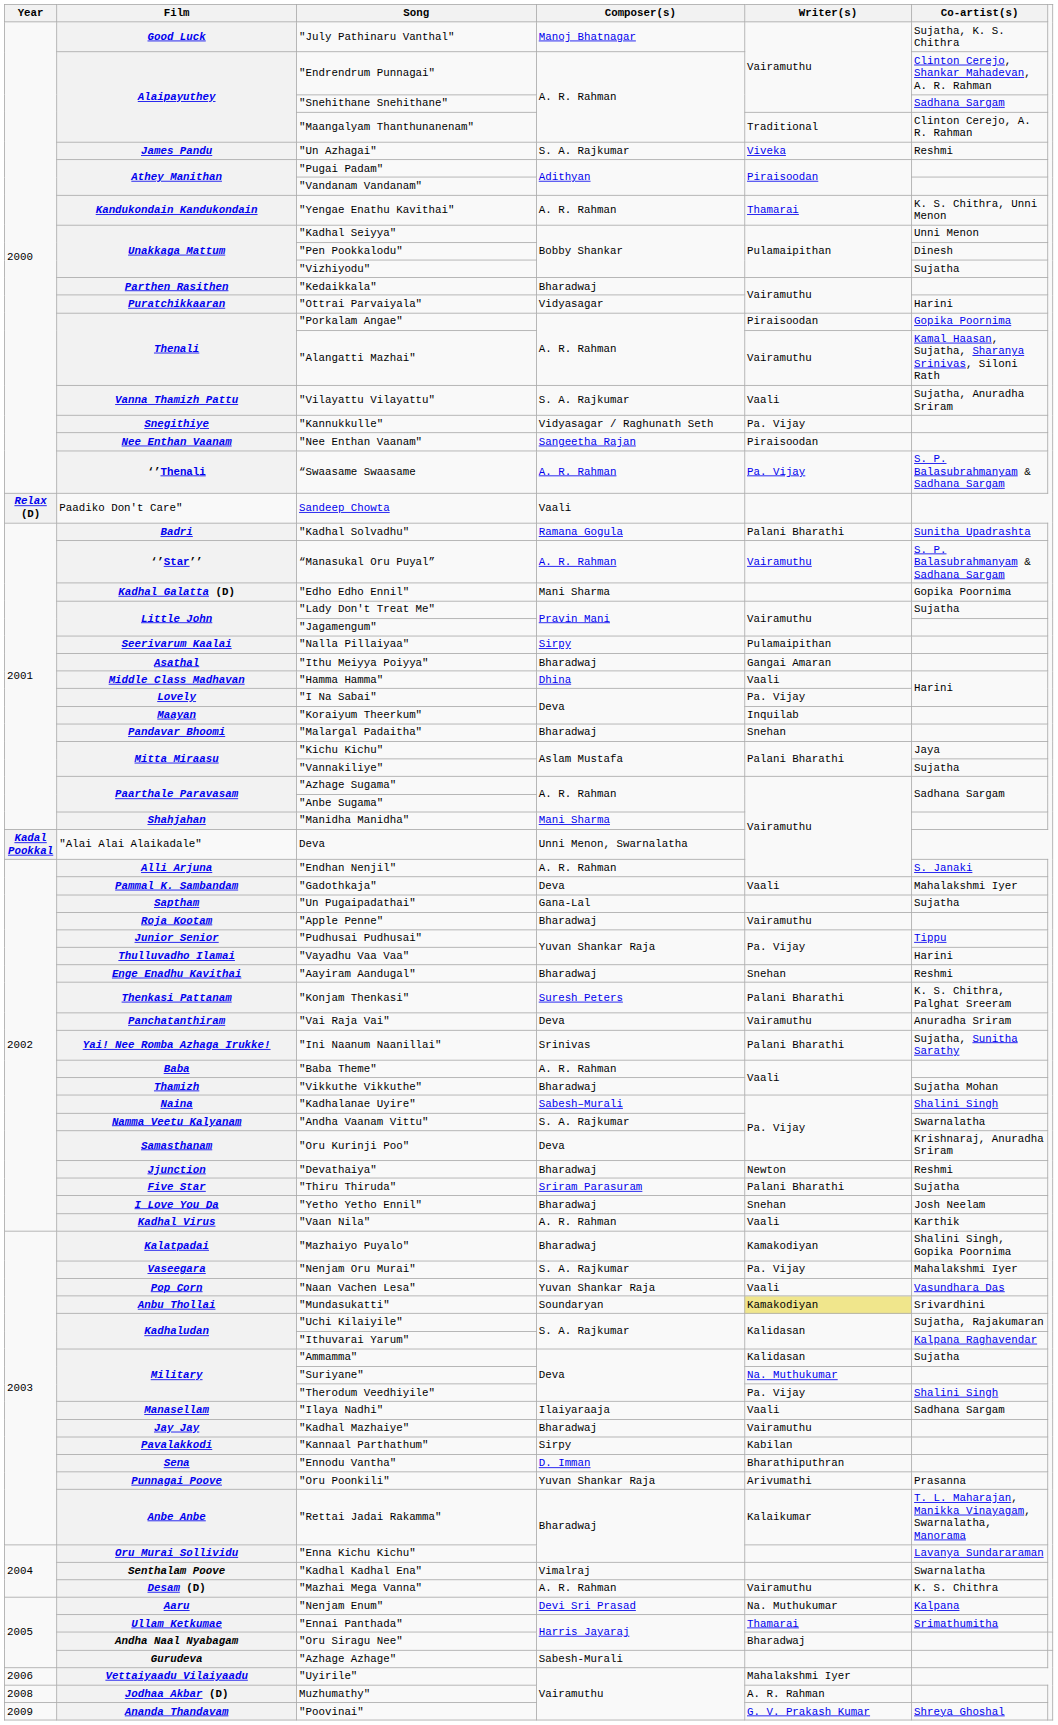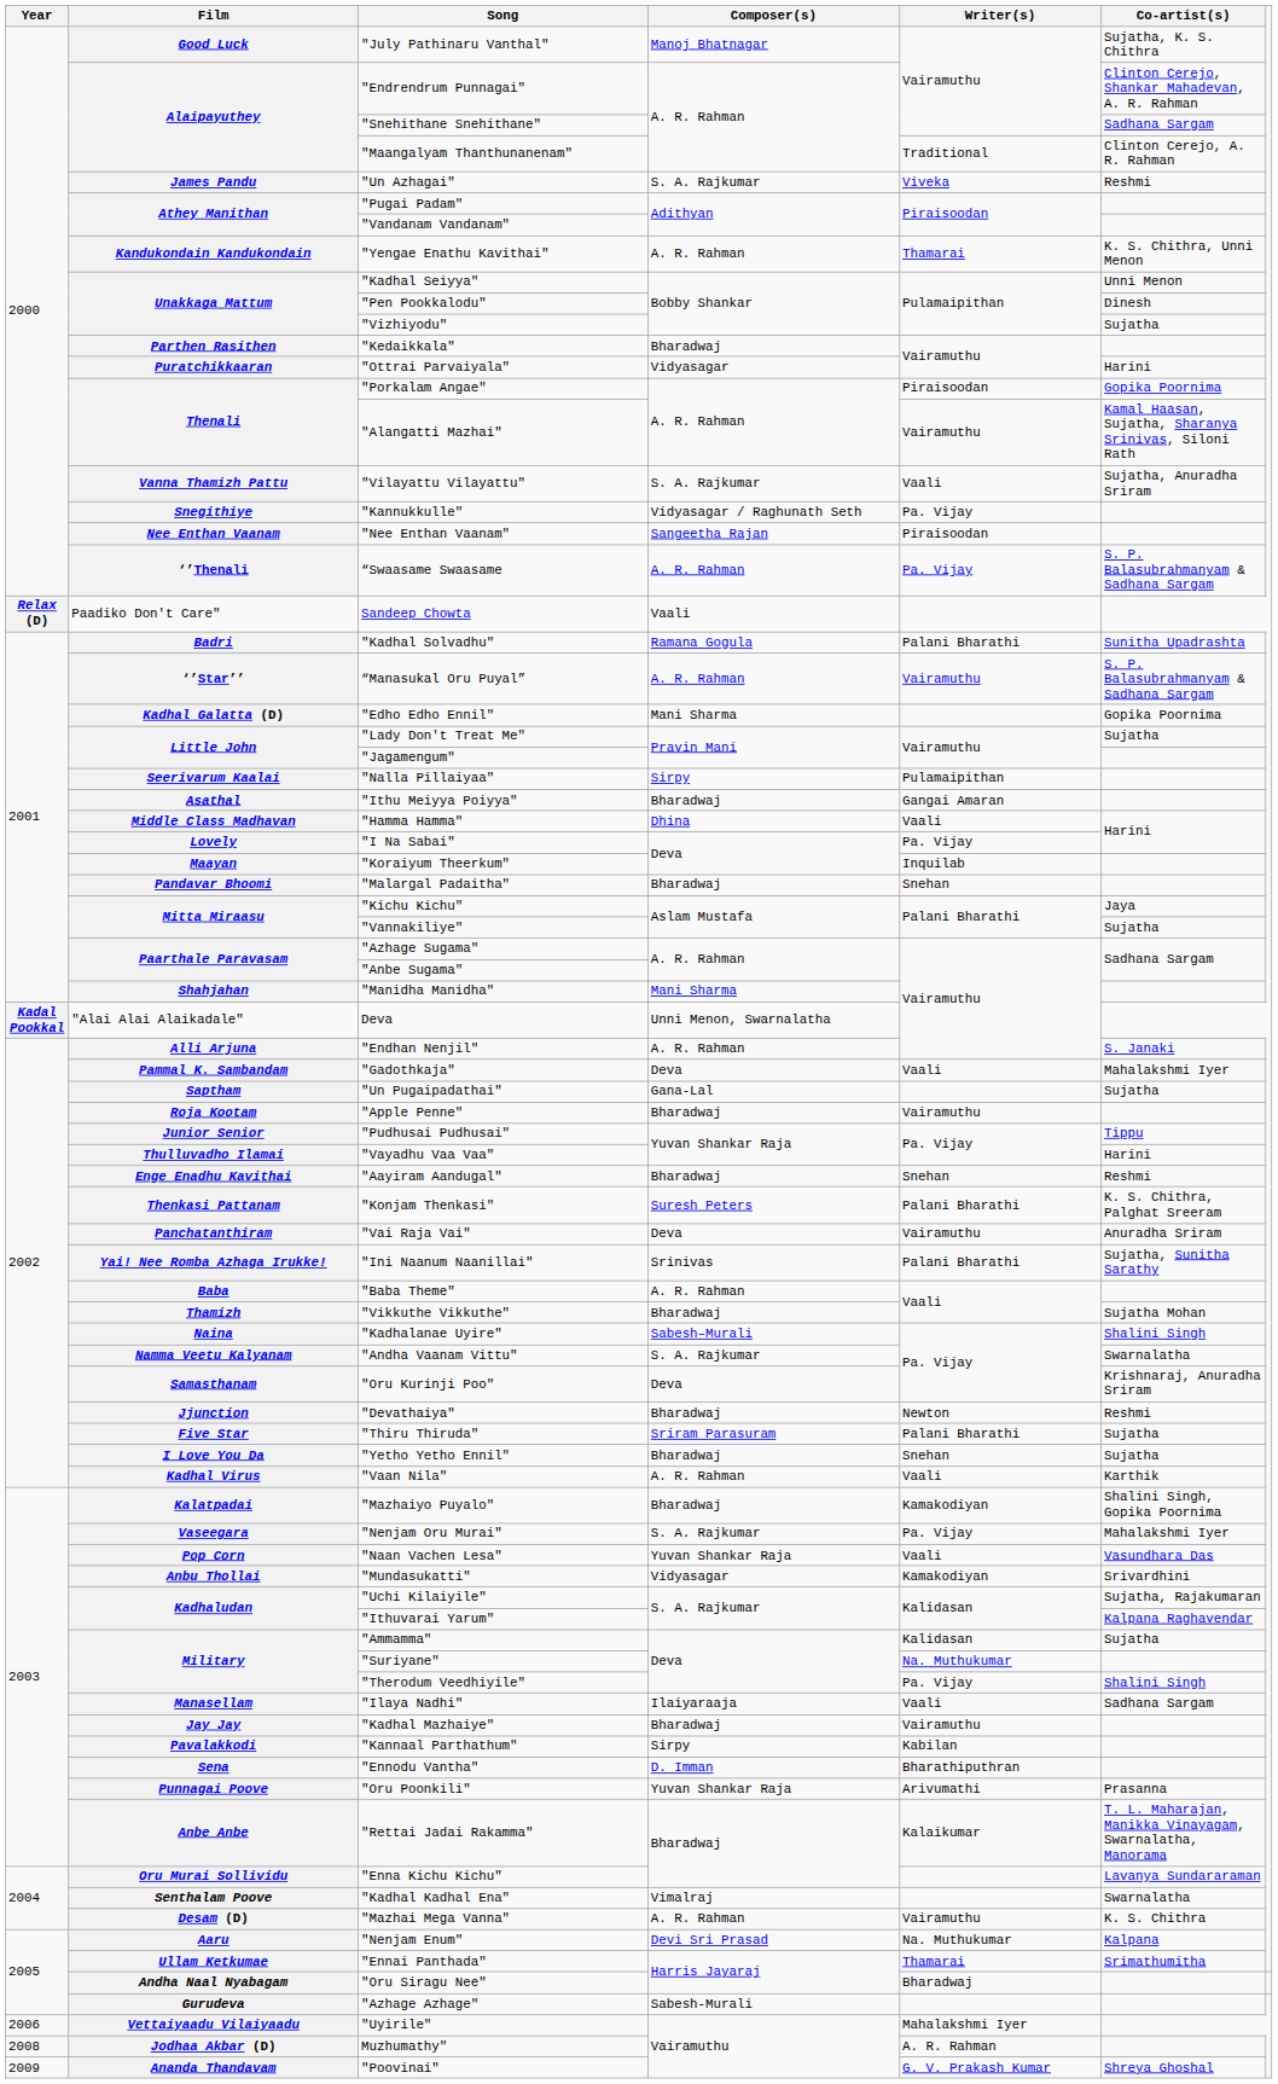 <table class="wikitable plainrowheaders" width="100%" textcolor:#000;">
 <tr style="background:#b0e0e66;">
 <th scope="col" width=5%><strong>Year</strong></th>
 <th scope="col" width=23%><strong>Film</strong></th>
 <th scope="col" width=23%><strong>Song</strong></th>
 <th scope="col" width=20%><strong>Composer(s)</strong></th>
 <th scope="col" width=16%><strong>Writer(s)</strong></th>
 <th scope="col" width=18%><strong>Co-artist(s)</strong></th>
 </tr>
 <tr>
 <td rowspan="19">2000</td>
 <th><em><a href='#'>Good Luck</a></em></th>
 <td>"July Pathinaru Vanthal"</td>
 <td><a href='#'>Manoj Bhatnagar</a></td>
 <td rowspan="3">Vairamuthu</td>
 <td>Sujatha, K. S. Chithra</td>
 </tr>
 <tr>
 <th rowspan="3"><em><a href='#'>Alaipayuthey</a></em></th>
 <td>"Endrendrum Punnagai"</td>
 <td rowspan="3">A. R. Rahman</td>
 <td><a href='#'>Clinton Cerejo</a>, <a href='#'>Shankar Mahadevan</a>, A. R. Rahman</td>
 </tr>
 <tr>
 <td>"Snehithane Snehithane"</td>
 <td><a href='#'>Sadhana Sargam</a></td>
 </tr>
 <tr>
 <td>"Maangalyam Thanthunanenam"</td>
 <td>Traditional</td>
 <td>Clinton Cerejo, A. R. Rahman</td>
 </tr>
 <tr>
 <th><em><a href='#'>James Pandu</a></em></th>
 <td>"Un Azhagai"</td>
 <td>S. A. Rajkumar</td>
 <td><a href='#'>Viveka</a></td>
 <td>Reshmi</td>
 </tr>
 <tr>
 <th rowspan="2"><em><a href='#'>Athey Manithan</a></em></th>
 <td>"Pugai Padam"</td>
 <td rowspan="2"><a href='#'>Adithyan</a></td>
 <td rowspan="2"><a href='#'>Piraisoodan</a></td>
 <td></td>
 </tr>
 <tr>
 <td>"Vandanam Vandanam"</td>
 <td></td>
 </tr>
 <tr>
 <th><em><a href='#'>Kandukondain Kandukondain</a></em></th>
 <td>"Yengae Enathu Kavithai"</td>
 <td>A. R. Rahman</td>
 <td><a href='#'>Thamarai</a></td>
 <td>K. S. Chithra, Unni Menon</td>
 </tr>
 <tr>
 <th rowspan="3"><em><a href='#'>Unakkaga Mattum</a></em></th>
 <td>"Kadhal Seiyya"</td>
 <td rowspan="3">Bobby Shankar</td>
 <td rowspan="3">Pulamaipithan</td>
 <td>Unni Menon</td>
 </tr>
 <tr>
 <td>"Pen Pookkalodu"</td>
 <td>Dinesh</td>
 </tr>
 <tr>
 <td>"Vizhiyodu"</td>
 <td>Sujatha</td>
 </tr>
 <tr>
 <th><em><a href='#'>Parthen Rasithen</a></em></th>
 <td>"Kedaikkala"</td>
 <td>Bharadwaj</td>
 <td rowspan="2">Vairamuthu</td>
 <td></td>
 </tr>
 <tr>
 <th><em><a href='#'>Puratchikkaaran</a></em></th>
 <td>"Ottrai Parvaiyala"</td>
 <td>Vidyasagar</td>
 <td>Harini</td>
 </tr>
 <tr>
 <th rowspan="2"><em><a href='#'>Thenali</a></em></th>
 <td>"Porkalam Angae"</td>
 <td rowspan="2">A. R. Rahman</td>
 <td>Piraisoodan</td>
 <td><a href='#'>Gopika Poornima</a></td>
 </tr>
 <tr>
 <td>"Alangatti Mazhai"</td>
 <td>Vairamuthu</td>
 <td><a href='#'>Kamal Haasan</a>, Sujatha, <a href='#'>Sharanya Srinivas</a>, Siloni Rath</td>
 </tr>
 <tr>
 <th><em><a href='#'>Vanna Thamizh Pattu</a></em></th>
 <td>"Vilayattu Vilayattu"</td>
 <td>S. A. Rajkumar</td>
 <td>Vaali</td>
 <td>Sujatha, Anuradha Sriram</td>
 </tr>
 <tr>
 <th><em><a href='#'>Snegithiye</a></em></th>
 <td>"Kannukkulle"</td>
 <td>Vidyasagar / Raghunath Seth</td>
 <td>Pa. Vijay</td>
 <td></td>
 </tr>
 <tr>
 <th><em><a href='#'>Nee Enthan Vaanam</a></em></th>
 <td>"Nee Enthan Vaanam"</td>
 <td><a href='#'>Sangeetha Rajan</a></td>
 <td>Piraisoodan</td>
 <td></td>
 </tr>
 <tr>
 <th>‘’<a href='#'>Thenali</a></th>
 <td>“Swaasame Swaasame</td>
 <td><a href='#'>A. R. Rahman</a></td>
 <td><a href='#'>Pa. Vijay</a></td>
 <td><a href='#'>S. P. Balasubrahmanyam</a> & <a href='#'>Sadhana Sargam</a></td>
 </tr>
 <tr>
 <th><em><a href='#'>Relax</a></em> (D)</th>
 <td>Paadiko Don't Care"</td>
 <td><a href='#'>Sandeep Chowta</a></td>
 <td>Vaali</td>
 <td></td>
 </tr>
 <tr>
 <td rowspan="16">2001</td>
 <th><em><a href='#'>Badri</a></em></th>
 <td>"Kadhal Solvadhu"</td>
 <td><a href='#'>Ramana Gogula</a></td>
 <td>Palani Bharathi</td>
 <td><a href='#'>Sunitha Upadrashta</a></td>
 </tr>
 <tr>
 <th>‘’<a href='#'>Star</a>’’</th>
 <td>“Manasukal Oru Puyal”</td>
 <td><a href='#'>A. R. Rahman</a></td>
 <td><a href='#'>Vairamuthu</a></td>
 <td><a href='#'>S. P. Balasubrahmanyam</a> & <a href='#'>Sadhana Sargam</a></td>
 </tr>
 <tr>
 <th><em><a href='#'>Kadhal Galatta</a></em> (D)</th>
 <td>"Edho Edho Ennil"</td>
 <td>Mani Sharma</td>
 <td></td>
 <td>Gopika Poornima</td>
 </tr>
 <tr>
 <th rowspan="2"><em><a href='#'>Little John</a></em></th>
 <td>"Lady Don't Treat Me"</td>
 <td rowspan="2"><a href='#'>Pravin Mani</a></td>
 <td rowspan="2">Vairamuthu</td>
 <td>Sujatha</td>
 </tr>
 <tr>
 <td>"Jagamengum"</td>
 <td></td>
 </tr>
 <tr>
 <th><em><a href='#'>Seerivarum Kaalai</a></em></th>
 <td>"Nalla Pillaiyaa"</td>
 <td><a href='#'>Sirpy</a></td>
 <td>Pulamaipithan</td>
 <td></td>
 </tr>
 <tr>
 <th><em><a href='#'>Asathal</a></em></th>
 <td>"Ithu Meiyya Poiyya"</td>
 <td>Bharadwaj</td>
 <td>Gangai Amaran</td>
 <td></td>
 </tr>
 <tr>
 <th><em><a href='#'>Middle Class Madhavan</a></em></th>
 <td>"Hamma Hamma"</td>
 <td><a href='#'>Dhina</a></td>
 <td>Vaali</td>
 <td rowspan="2">Harini</td>
 </tr>
 <tr>
 <th><em><a href='#'>Lovely</a></em></th>
 <td>"I Na Sabai"</td>
 <td rowspan="2">Deva</td>
 <td>Pa. Vijay</td>
 </tr>
 <tr>
 <th><em><a href='#'>Maayan</a></em></th>
 <td>"Koraiyum Theerkum"</td>
 <td>Inquilab</td>
 <td></td>
 </tr>
 <tr>
 <th><em><a href='#'>Pandavar Bhoomi</a></em></th>
 <td>"Malargal Padaitha"</td>
 <td>Bharadwaj</td>
 <td>Snehan</td>
 <td></td>
 </tr>
 <tr>
 <th rowspan="2"><em><a href='#'>Mitta Miraasu</a></em></th>
 <td>"Kichu Kichu"</td>
 <td rowspan="2">Aslam Mustafa</td>
 <td rowspan="2">Palani Bharathi</td>
 <td>Jaya</td>
 </tr>
 <tr>
 <td>"Vannakiliye"</td>
 <td>Sujatha</td>
 </tr>
 <tr>
 <th rowspan="2"><em><a href='#'>Paarthale Paravasam</a></em></th>
 <td>"Azhage Sugama"</td>
 <td rowspan="2">A. R. Rahman</td>
 <td rowspan="5">Vairamuthu</td>
 <td rowspan="2">Sadhana Sargam</td>
 </tr>
 <tr>
 <td>"Anbe Sugama"</td>
 </tr>
 <tr>
 <th><em><a href='#'>Shahjahan</a></em></th>
 <td>"Manidha Manidha"</td>
 <td><a href='#'>Mani Sharma</a></td>
 <td></td>
 </tr>
 <tr>
 <th><em><a href='#'>Kadal Pookkal</a></em></th>
 <td>"Alai Alai Alaikadale"</td>
 <td>Deva</td>
 <td>Unni Menon, Swarnalatha</td>
 </tr>
 <tr>
 <td rowspan="19">2002</td>
 <th><em><a href='#'>Alli Arjuna</a></em></th>
 <td>"Endhan Nenjil"</td>
 <td>A. R. Rahman</td>
 <td><a href='#'>S. Janaki</a></td>
 </tr>
 <tr>
 <th><em><a href='#'>Pammal K. Sambandam</a></em></th>
 <td>"Gadothkaja"</td>
 <td>Deva</td>
 <td>Vaali</td>
 <td>Mahalakshmi Iyer</td>
 </tr>
 <tr>
 <th><em><a href='#'>Saptham</a></em></th>
 <td>"Un Pugaipadathai"</td>
 <td>Gana-Lal</td>
 <td></td>
 <td>Sujatha</td>
 </tr>
 <tr>
 <th><em><a href='#'>Roja Kootam</a></em></th>
 <td>"Apple Penne"</td>
 <td>Bharadwaj</td>
 <td>Vairamuthu</td>
 <td></td>
 </tr>
 <tr>
 <th><em><a href='#'>Junior Senior</a></em></th>
 <td>"Pudhusai Pudhusai"</td>
 <td rowspan="2">Yuvan Shankar Raja</td>
 <td rowspan="2">Pa. Vijay</td>
 <td><a href='#'>Tippu</a></td>
 </tr>
 <tr>
 <th><em><a href='#'>Thulluvadho Ilamai</a></em></th>
 <td>"Vayadhu Vaa Vaa"</td>
 <td>Harini</td>
 </tr>
 <tr>
 <th><em><a href='#'>Enge Enadhu Kavithai</a></em></th>
 <td>"Aayiram Aandugal"</td>
 <td>Bharadwaj</td>
 <td>Snehan</td>
 <td>Reshmi</td>
 </tr>
 <tr>
 <th><em><a href='#'>Thenkasi Pattanam</a></em></th>
 <td>"Konjam Thenkasi"</td>
 <td><a href='#'>Suresh Peters</a></td>
 <td>Palani Bharathi</td>
 <td>K. S. Chithra, Palghat Sreeram</td>
 </tr>
 <tr>
 <th><em><a href='#'>Panchatanthiram</a></em></th>
 <td>"Vai Raja Vai"</td>
 <td>Deva</td>
 <td>Vairamuthu</td>
 <td>Anuradha Sriram</td>
 </tr>
 <tr>
 <th><em><a href='#'>Yai! Nee Romba Azhaga Irukke!</a></em></th>
 <td>"Ini Naanum Naanillai"</td>
 <td>Srinivas</td>
 <td>Palani Bharathi</td>
 <td>Sujatha, <a href='#'>Sunitha Sarathy</a></td>
 </tr>
 <tr>
 <th><em><a href='#'>Baba</a></em></th>
 <td>"Baba Theme"</td>
 <td>A. R. Rahman</td>
 <td rowspan="2">Vaali</td>
 <td></td>
 </tr>
 <tr>
 <th><em><a href='#'>Thamizh</a></em></th>
 <td>"Vikkuthe Vikkuthe"</td>
 <td>Bharadwaj</td>
 <td>Sujatha Mohan</td>
 </tr>
 <tr>
 <th><em><a href='#'>Naina</a></em></th>
 <td>"Kadhalanae Uyire"</td>
 <td><a href='#'>Sabesh–Murali</a></td>
 <td rowspan="3">Pa. Vijay</td>
 <td><a href='#'>Shalini Singh</a></td>
 </tr>
 <tr>
 <th><em><a href='#'>Namma Veetu Kalyanam</a></em></th>
 <td>"Andha Vaanam Vittu"</td>
 <td>S. A. Rajkumar</td>
 <td>Swarnalatha</td>
 </tr>
 <tr>
 <th><em><a href='#'>Samasthanam</a></em></th>
 <td>"Oru Kurinji Poo"</td>
 <td>Deva</td>
 <td>Krishnaraj, Anuradha Sriram</td>
 </tr>
 <tr>
 <th><em><a href='#'>Jjunction</a></em></th>
 <td>"Devathaiya"</td>
 <td>Bharadwaj</td>
 <td>Newton</td>
 <td>Reshmi</td>
 </tr>
 <tr>
 <th><em><a href='#'>Five Star</a></em></th>
 <td>"Thiru Thiruda"</td>
 <td><a href='#'>Sriram Parasuram</a></td>
 <td>Palani Bharathi</td>
 <td>Sujatha</td>
 </tr>
 <tr>
 <th><em><a href='#'>I Love You Da</a></em></th>
 <td>"Yetho Yetho Ennil"</td>
 <td>Bharadwaj</td>
 <td>Snehan</td>
-<td>Josh Neelam</td>
+<td>Sujatha</td>
 </tr>
 <tr>
 <th><em><a href='#'>Kadhal Virus</a></em></th>
 <td>"Vaan Nila"</td>
 <td>A. R. Rahman</td>
 <td>Vaali</td>
 <td>Karthik</td>
 </tr>
 <tr>
 <td rowspan="15">2003</td>
 <th><em><a href='#'>Kalatpadai</a></em></th>
 <td>"Mazhaiyo Puyalo"</td>
 <td>Bharadwaj</td>
 <td>Kamakodiyan</td>
 <td>Shalini Singh, Gopika Poornima</td>
 </tr>
 <tr>
 <th><em><a href='#'>Vaseegara</a></em></th>
 <td>"Nenjam Oru Murai"</td>
 <td>S. A. Rajkumar</td>
 <td>Pa. Vijay</td>
 <td>Mahalakshmi Iyer</td>
 </tr>
 <tr>
 <th><em><a href='#'>Pop Corn</a></em></th>
 <td>"Naan Vachen Lesa"</td>
 <td>Yuvan Shankar Raja</td>
 <td>Vaali</td>
 <td><a href='#'>Vasundhara Das</a></td>
 </tr>
 <tr>
 <th><em><a href='#'>Anbu Thollai</a></em></th>
 <td>"Mundasukatti"</td>
-<td>Soundaryan</td>
-<td style="background: khaki;">Kamakodiyan</td>
+<td>Vidyasagar</td>
+<td>Kamakodiyan</td>
 <td>Srivardhini</td>
 </tr>
 <tr>
 <th rowspan="2"><em><a href='#'>Kadhaludan</a></em></th>
 <td>"Uchi Kilaiyile"</td>
 <td rowspan="2">S. A. Rajkumar</td>
 <td rowspan="2">Kalidasan</td>
 <td>Sujatha, Rajakumaran</td>
 </tr>
 <tr>
 <td>"Ithuvarai Yarum"</td>
 <td><a href='#'>Kalpana Raghavendar</a></td>
 </tr>
 <tr>
 <th rowspan="3"><em><a href='#'>Military</a></em></th>
 <td>"Ammamma"</td>
 <td rowspan="3">Deva</td>
 <td>Kalidasan</td>
 <td>Sujatha</td>
 </tr>
 <tr>
 <td>"Suriyane"</td>
 <td><a href='#'>Na. Muthukumar</a></td>
 <td></td>
 </tr>
 <tr>
 <td>"Therodum Veedhiyile"</td>
 <td>Pa. Vijay</td>
 <td><a href='#'>Shalini Singh</a></td>
 </tr>
 <tr>
 <th><em><a href='#'>Manasellam</a></em></th>
 <td>"Ilaya Nadhi"</td>
 <td>Ilaiyaraaja</td>
 <td>Vaali</td>
 <td>Sadhana Sargam</td>
 </tr>
 <tr>
 <th><em><a href='#'>Jay Jay</a></em></th>
 <td>"Kadhal Mazhaiye"</td>
 <td>Bharadwaj</td>
 <td>Vairamuthu</td>
 <td></td>
 </tr>
 <tr>
 <th><em><a href='#'>Pavalakkodi</a></em></th>
 <td>"Kannaal Parthathum"</td>
 <td>Sirpy</td>
 <td>Kabilan</td>
 <td></td>
 </tr>
 <tr>
 <th><em><a href='#'>Sena</a></em></th>
 <td>"Ennodu Vantha"</td>
 <td><a href='#'>D. Imman</a></td>
 <td>Bharathiputhran</td>
 <td></td>
 </tr>
 <tr>
 <th><em><a href='#'>Punnagai Poove</a></em></th>
 <td>"Oru Poonkili"</td>
 <td>Yuvan Shankar Raja</td>
 <td>Arivumathi</td>
 <td>Prasanna</td>
 </tr>
 <tr>
 <th><em><a href='#'>Anbe Anbe</a></em></th>
 <td>"Rettai Jadai Rakamma"</td>
 <td rowspan="2">Bharadwaj</td>
 <td>Kalaikumar</td>
 <td><a href='#'>T. L. Maharajan</a>, <a href='#'>Manikka Vinayagam</a>, Swarnalatha, <a href='#'>Manorama</a></td>
 </tr>
 <tr>
 <td rowspan="3">2004</td>
 <th><em><a href='#'>Oru Murai Sollividu</a></em></th>
 <td>"Enna Kichu Kichu"</td>
 <td></td>
 <td><a href='#'>Lavanya Sundararaman</a></td>
 </tr>
 <tr>
 <th><em>Senthalam Poove</em></th>
 <td>"Kadhal Kadhal Ena"</td>
 <td>Vimalraj</td>
 <td></td>
 <td>Swarnalatha</td>
 </tr>
 <tr>
 <th><em><a href='#'>Desam</a></em> (D)</th>
 <td>"Mazhai Mega Vanna"</td>
 <td>A. R. Rahman</td>
 <td>Vairamuthu</td>
 <td>K. S. Chithra</td>
 </tr>
 <tr>
 <td rowspan="4">2005</td>
 <th><a href='#'><em>Aaru</em></a></th>
 <td>"Nenjam Enum"</td>
 <td><a href='#'>Devi Sri Prasad</a></td>
 <td>Na. Muthukumar</td>
 <td><a href='#'>Kalpana</a></td>
 </tr>
 <tr>
 <th><strong><em><a href='#'>Ullam Ketkumae</a></em></strong></th>
 <td>"Ennai Panthada"</td>
 <td rowspan="2"><a href='#'>Harris Jayaraj</a></td>
 <td><a href='#'>Thamarai</a></td>
 <td><a href='#'>Srimathumitha</a></td>
 </tr>
 <tr>
 <th><em>Andha Naal Nyabagam</em></th>
 <td>"Oru Siragu Nee"</td>
 <td>Bharadwaj</td>
 <td></td>
 <td></td>
 </tr>
 <tr>
 <th><em>Gurudeva</em></th>
 <td>"Azhage Azhage"</td>
 <td>Sabesh-Murali</td>
 <td></td>
 <td></td>
 </tr>
 <tr>
 <td>2006</td>
 <th><strong><em><a href='#'>Vettaiyaadu Vilaiyaadu</a></em></strong></th>
 <td>"Uyirile"</td>
 <td rowspan="3">Vairamuthu</td>
 <td>Mahalakshmi Iyer</td>
 </tr>
 <tr>
 <td>2008</td>
 <th><em><a href='#'>Jodhaa Akbar</a></em> (D)</th>
 <td>Muzhumathy"</td>
 <td>A. R. Rahman</td>
 <td></td>
 </tr>
 <tr>
 <td>2009</td>
 <th><strong><em><a href='#'>Ananda Thandavam</a></em></strong></th>
 <td>"Poovinai"</td>
 <td><a href='#'>G. V. Prakash Kumar</a></td>
 <td><a href='#'>Shreya Ghoshal</a></td>
 </tr>
 </table>
